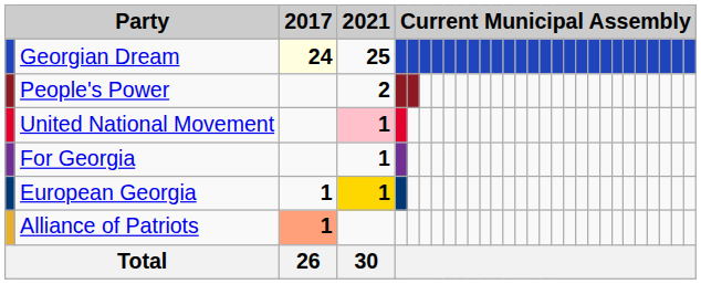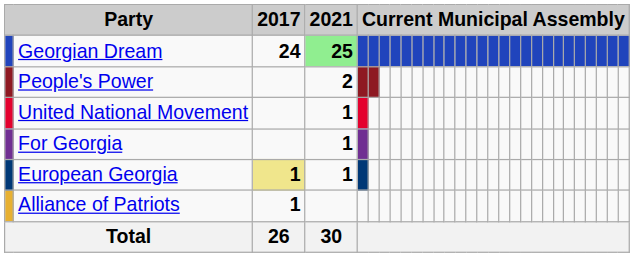 <table class="wikitable">
 <tr>
 <th style="background:#ccc" colspan="2">Party</th>
 <th style="background:#ccc">2017</th>
 <th style="background:#ccc">2021</th>
 <th colspan="43" style="background:#ccc">Current Municipal Assembly</th>
 </tr>
 <tr>
 <td style="background-color: #2044bc"></td>
 <td><a href='#'>Georgian Dream</a></td>
-<td style="background: lightyellow; text-align: right"><strong>24</strong></td>
-<td style="text-align: right"><strong>25</strong></td>
+<td style="text-align: right"><strong>24</strong></td>
+<td style="background: lightgreen; text-align: right"><strong>25</strong></td>
 <td style="background-color: #2044bc"></td>
 <td style="background-color: #2044bc"></td>
 <td style="background-color: #2044bc"></td>
 <td style="background-color: #2044bc"></td>
 <td style="background-color: #2044bc"></td>
 <td style="background-color: #2044bc"></td>
 <td style="background-color: #2044bc"></td>
 <td style="background-color: #2044bc"></td>
 <td style="background-color: #2044bc"></td>
 <td style="background-color: #2044bc"></td>
 <td style="background-color: #2044bc"></td>
 <td style="background-color: #2044bc"></td>
 <td style="background-color: #2044bc"></td>
 <td style="background-color: #2044bc"></td>
 <td style="background-color: #2044bc"></td>
 <td style="background-color: #2044bc"></td>
 <td style="background-color: #2044bc"></td>
 <td style="background-color: #2044bc"></td>
 <td style="background-color: #2044bc"></td>
 <td style="background-color: #2044bc"></td>
 <td style="background-color: #2044bc"></td>
 <td style="background-color: #2044bc"></td>
 <td style="background-color: #2044bc"></td>
 <td style="background-color: #2044bc"></td>
 <td style="background-color: #2044bc"></td>
 </tr>
 <tr>
 <td style="background-color: #8e1922"></td>
 <td><a href='#'>People's Power</a></td>
 <td></td>
 <td style="text-align: right"><strong>2</strong></td>
 <td style="background-color: #8e1922"></td>
 <td style="background-color: #8e1922"></td>
 <td></td>
 <td></td>
 <td></td>
 <td></td>
 <td></td>
 <td></td>
 <td></td>
 <td></td>
 <td></td>
 <td></td>
 <td></td>
 <td></td>
 <td></td>
 <td></td>
 <td></td>
 <td></td>
 <td></td>
 <td></td>
 <td></td>
 <td></td>
 <td></td>
 <td></td>
 <td></td>
 </tr>
 <tr>
 <td style="background-color: #e4012e"></td>
 <td><a href='#'>United National Movement</a></td>
 <td></td>
-<td style="background: pink; text-align: right"><strong>1</strong></td>
+<td style="text-align: right"><strong>1</strong></td>
 <td style="background-color: #e4012e"></td>
 <td></td>
 <td></td>
 <td></td>
 <td></td>
 <td></td>
 <td></td>
 <td></td>
 <td></td>
 <td></td>
 <td></td>
 <td></td>
 <td></td>
 <td></td>
 <td></td>
 <td></td>
 <td></td>
 <td></td>
 <td></td>
 <td></td>
 <td></td>
 <td></td>
 <td></td>
 <td></td>
 <td></td>
 </tr>
 <tr>
 <td style="background-color: #702F92"></td>
 <td><a href='#'>For Georgia</a></td>
 <td></td>
 <td style="text-align: right"><strong>1</strong></td>
 <td style="background-color: #702f92"></td>
 <td></td>
 <td></td>
 <td></td>
 <td></td>
 <td></td>
 <td></td>
 <td></td>
 <td></td>
 <td></td>
 <td></td>
 <td></td>
 <td></td>
 <td></td>
 <td></td>
 <td></td>
 <td></td>
 <td></td>
 <td></td>
 <td></td>
 <td></td>
 <td></td>
 <td></td>
 <td></td>
 <td></td>
 </tr>
 <tr>
 <td style="background-color: #003876"></td>
 <td><a href='#'>European Georgia</a></td>
+<td style="background: khaki; text-align: right"><strong>1</strong></td>
 <td style="text-align: right"><strong>1</strong></td>
-<td style="background: gold; text-align: right"><strong>1</strong></td>
 <td style="background-color: #003876"></td>
 <td></td>
 <td></td>
 <td></td>
 <td></td>
 <td></td>
 <td></td>
 <td></td>
 <td></td>
 <td></td>
 <td></td>
 <td></td>
 <td></td>
 <td></td>
 <td></td>
 <td></td>
 <td></td>
 <td></td>
 <td></td>
 <td></td>
 <td></td>
 <td></td>
 <td></td>
 <td></td>
 <td></td>
 </tr>
 <tr>
 <td style="background-color: #e7b031"></td>
 <td><a href='#'>Alliance of Patriots</a></td>
-<td style="background: lightsalmon; text-align: right"><strong>1</strong></td>
+<td style="text-align: right"><strong>1</strong></td>
 <td></td>
 <td></td>
 <td></td>
 <td></td>
 <td></td>
 <td></td>
 <td></td>
 <td></td>
 <td></td>
 <td></td>
 <td></td>
 <td></td>
 <td></td>
 <td></td>
 <td></td>
 <td></td>
 <td></td>
 <td></td>
 <td></td>
 <td></td>
 <td></td>
 <td></td>
 <td></td>
 <td></td>
 <td></td>
 <td></td>
 </tr>
 <tr>
 <th colspan=2>Total</th>
 <th align=right>26</th>
 <th align=right>30</th>
 <th colspan="43"></th>
 </tr>
 </table>
